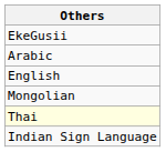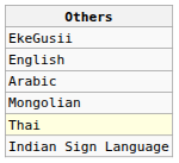 <table class="wikitable">
 <tr>
 <th>Others</th>
 </tr>
 <tr>
 <td>EkeGusii</td>
 </tr>
 <tr>
-<td>Arabic</td>
+<td>English</td>
 </tr>
 <tr>
-<td>English</td>
+<td>Arabic</td>
 </tr>
 <tr>
 <td>Mongolian</td>
 </tr>
 <tr>
 <td style="background: lightyellow;">Thai</td>
 </tr>
 <tr>
 <td>Indian Sign Language</td>
 </tr>
 </table>
